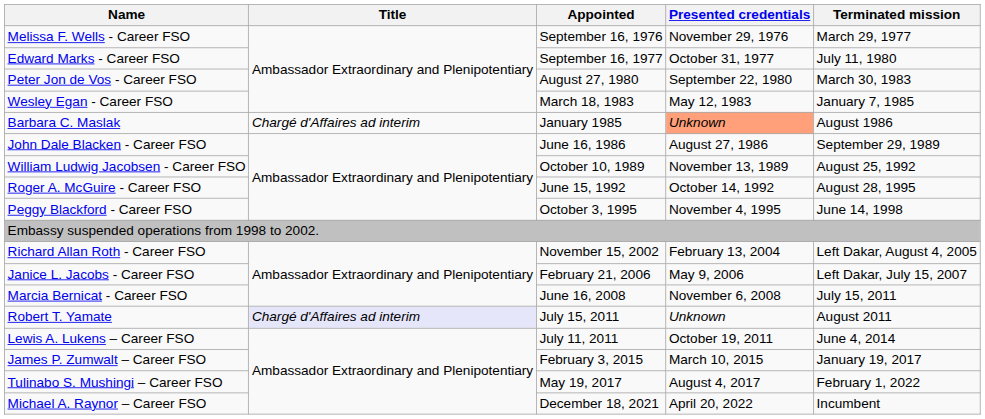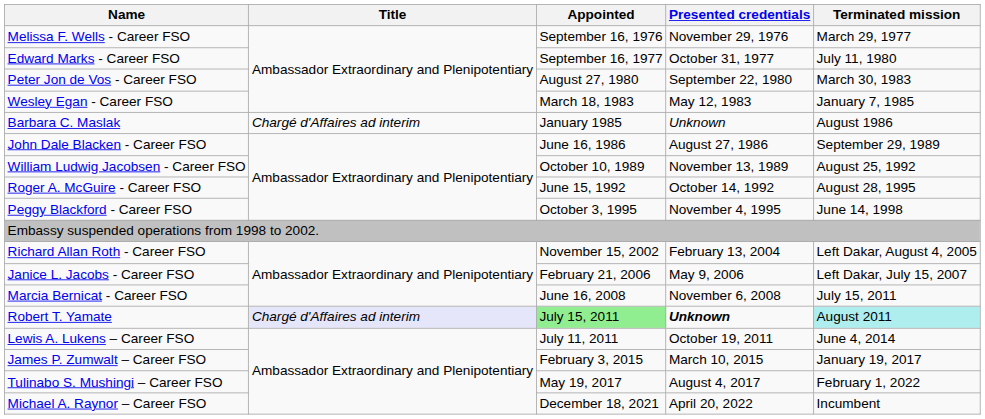 <table class="wikitable">
 <tr>
 <th>Name</th>
 <th>Title</th>
 <th>Appointed</th>
 <th><a href='#'>Presented credentials</a></th>
 <th>Terminated mission</th>
 </tr>
 <tr>
 <td><a href='#'>Melissa F. Wells</a> - Career FSO</td>
 <td rowspan="4">Ambassador Extraordinary and Plenipotentiary</td>
 <td>September 16, 1976</td>
 <td>November 29, 1976</td>
 <td>March 29, 1977</td>
 </tr>
 <tr>
 <td><a href='#'>Edward Marks</a> - Career FSO</td>
 <td>September 16, 1977</td>
 <td>October 31, 1977</td>
 <td>July 11, 1980</td>
 </tr>
 <tr>
 <td><a href='#'>Peter Jon de Vos</a> - Career FSO</td>
 <td>August 27, 1980</td>
 <td>September 22, 1980</td>
 <td>March 30, 1983</td>
 </tr>
 <tr>
 <td><a href='#'>Wesley Egan</a> - Career FSO</td>
 <td>March 18, 1983</td>
 <td>May 12, 1983</td>
 <td>January 7, 1985</td>
 </tr>
 <tr>
 <td><a href='#'>Barbara C. Maslak</a></td>
 <td><em>Chargé d'Affaires ad interim</em></td>
 <td>January 1985</td>
-<td style="background: lightsalmon;"><em>Unknown</em></td>
+<td><em>Unknown</em></td>
 <td>August 1986</td>
 </tr>
 <tr>
 <td><a href='#'>John Dale Blacken</a> - Career FSO</td>
 <td rowspan="4">Ambassador Extraordinary and Plenipotentiary</td>
 <td>June 16, 1986</td>
 <td>August 27, 1986</td>
 <td>September 29, 1989</td>
 </tr>
 <tr>
 <td><a href='#'>William Ludwig Jacobsen</a> - Career FSO</td>
 <td>October 10, 1989</td>
 <td>November 13, 1989</td>
 <td>August 25, 1992</td>
 </tr>
 <tr>
 <td><a href='#'>Roger A. McGuire</a> - Career FSO</td>
 <td>June 15, 1992</td>
 <td>October 14, 1992</td>
 <td>August 28, 1995</td>
 </tr>
 <tr>
 <td><a href='#'>Peggy Blackford</a> - Career FSO</td>
 <td>October 3, 1995</td>
 <td>November 4, 1995</td>
 <td>June 14, 1998</td>
 </tr>
 <tr>
 <td colspan="6" style="background: silver;">Embassy suspended operations from 1998 to 2002.</td>
 </tr>
 <tr>
 <td><a href='#'>Richard Allan Roth</a> - Career FSO</td>
 <td rowspan="3">Ambassador Extraordinary and Plenipotentiary</td>
 <td>November 15, 2002</td>
 <td>February 13, 2004</td>
 <td>Left Dakar, August 4, 2005</td>
 </tr>
 <tr>
 <td><a href='#'>Janice L. Jacobs</a> - Career FSO</td>
 <td>February 21, 2006</td>
 <td>May 9, 2006</td>
 <td>Left Dakar, July 15, 2007</td>
 </tr>
 <tr>
 <td><a href='#'>Marcia Bernicat</a> - Career FSO</td>
 <td>June 16, 2008</td>
 <td>November 6, 2008</td>
 <td>July 15, 2011</td>
 </tr>
 <tr>
 <td><a href='#'>Robert T. Yamate</a></td>
 <td style="background: lavender;"><em>Chargé d'Affaires ad interim</em></td>
-<td>July 15, 2011</td>
-<td><em>Unknown</em></td>
-<td>August 2011</td>
+<td style="background: lightgreen;">July 15, 2011</td>
+<td><strong><em>Unknown</em></strong></td>
+<td style="background: paleturquoise;">August 2011</td>
 </tr>
 <tr>
 <td><a href='#'>Lewis A. Lukens</a> – Career FSO</td>
 <td rowspan="4">Ambassador Extraordinary and Plenipotentiary</td>
 <td>July 11, 2011</td>
 <td>October 19, 2011</td>
 <td>June 4, 2014</td>
 </tr>
 <tr>
 <td><a href='#'>James P. Zumwalt</a> – Career FSO</td>
 <td>February 3, 2015</td>
 <td>March 10, 2015</td>
 <td>January 19, 2017</td>
 </tr>
 <tr>
 <td><a href='#'>Tulinabo S. Mushingi</a> – Career FSO</td>
 <td>May 19, 2017</td>
 <td>August 4, 2017</td>
 <td>February 1, 2022</td>
 </tr>
 <tr>
 <td><a href='#'>Michael A. Raynor</a> – Career FSO</td>
 <td>December 18, 2021</td>
 <td>April 20, 2022</td>
 <td>Incumbent</td>
 </tr>
 </table>
